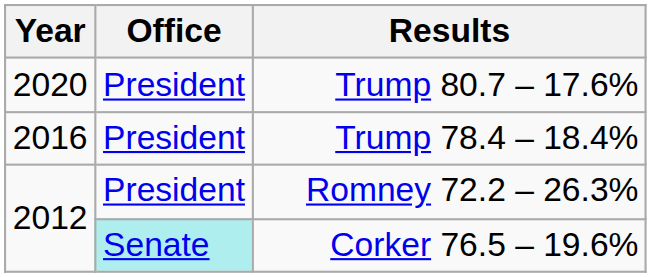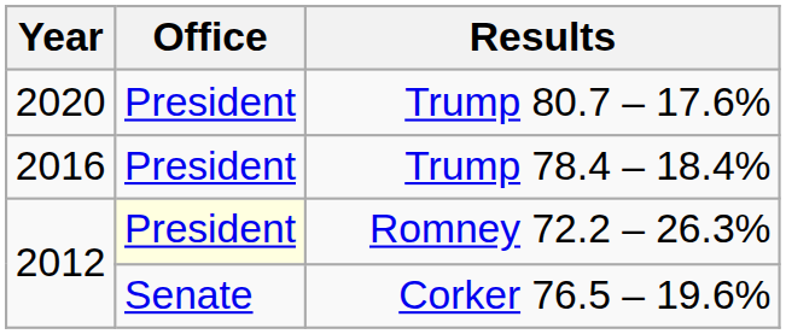 <table class=wikitable>
 <tr>
 <th width="30">Year</th>
 <th width="60">Office</th>
 <th width="180">Results</th>
 </tr>
 <tr>
 <td>2020</td>
 <td><a href='#'>President</a></td>
 <td align="right" ><a href='#'>Trump</a> 80.7 – 17.6%</td>
 </tr>
 <tr>
 <td>2016</td>
 <td><a href='#'>President</a></td>
 <td align="right" ><a href='#'>Trump</a> 78.4 – 18.4%</td>
 </tr>
 <tr>
 <td rowspan="2">2012</td>
-<td><a href='#'>President</a></td>
+<td style="background: lightyellow;"><a href='#'>President</a></td>
 <td align="right" ><a href='#'>Romney</a> 72.2 – 26.3%</td>
 </tr>
 <tr>
-<td style="background: paleturquoise;"><a href='#'>Senate</a></td>
+<td><a href='#'>Senate</a></td>
 <td align="right" ><a href='#'>Corker</a> 76.5 – 19.6%</td>
 </tr>
 </table>
